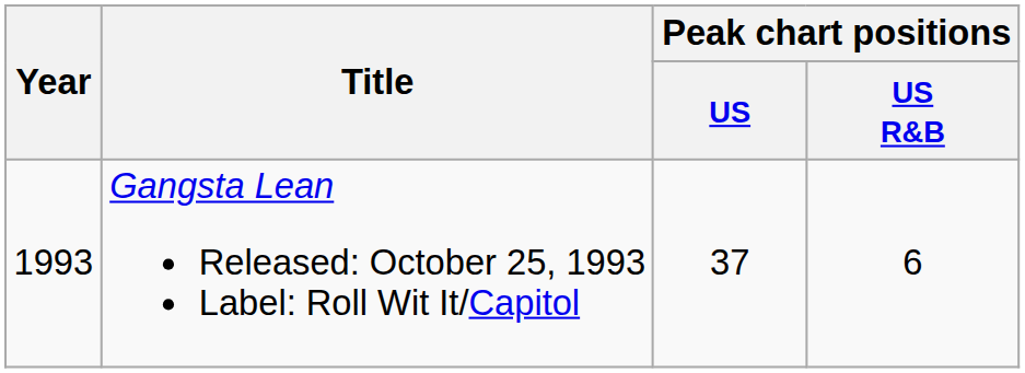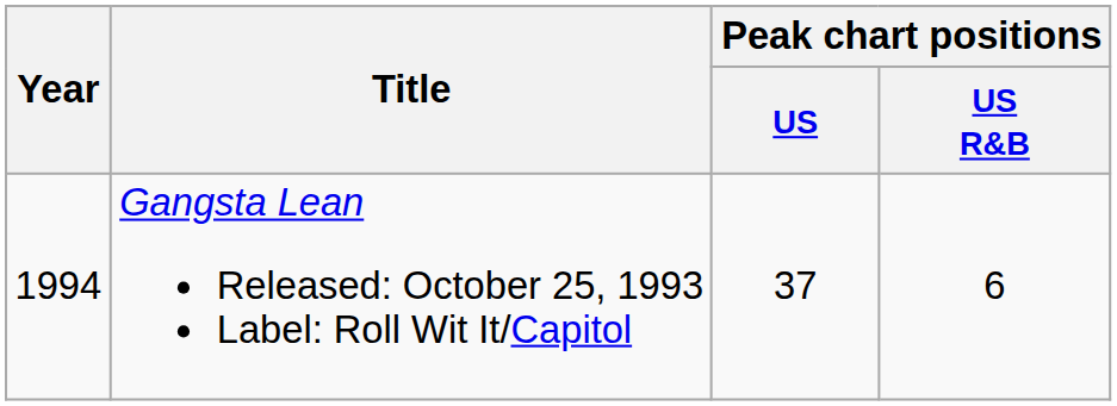 <table class="wikitable">
 <tr>
 <th rowspan="2">Year</th>
 <th rowspan="2">Title</th>
 <th colspan="2">Peak chart positions</th>
 </tr>
 <tr>
 <th><small><a href='#'>US</a></small></th>
 <th><small><a href='#'>US<br>R&B</a></small></th>
 </tr>
 <tr>
-<td>1993</td>
+<td>1994</td>
 <td><em><a href='#'>Gangsta Lean</a></em><br><ul><li>Released: October 25, 1993</li><li>Label: Roll Wit It/<a href='#'>Capitol</a></li></ul></td>
 <td style="text-align:center;">37</td>
 <td style="text-align:center;">6</td>
 </tr>
 </table>
